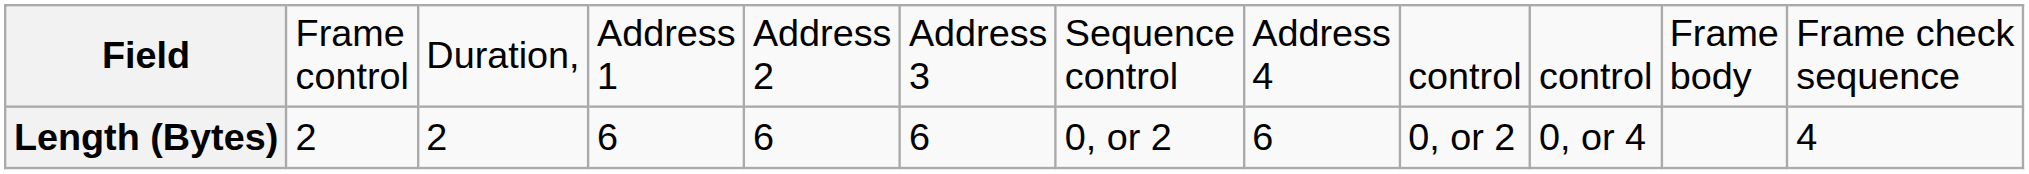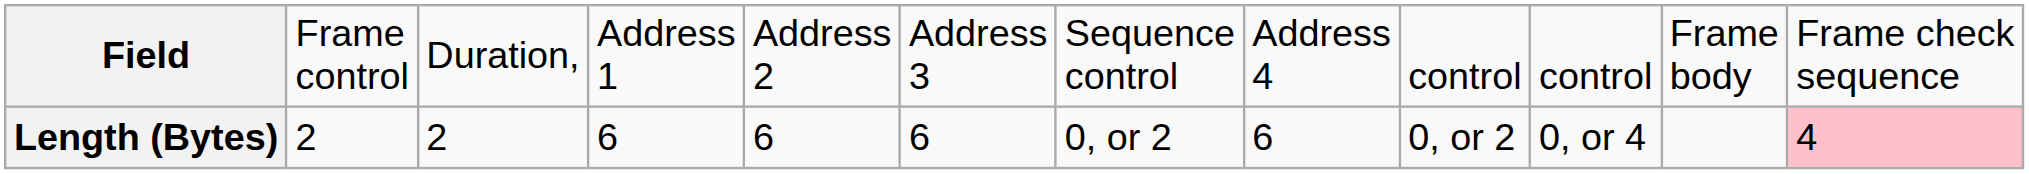 <table class="wikitable">
 <tr>
 <th>Field</th>
 <td>Frame <br>control</td>
 <td>Duration, <br></td>
 <td>Address <br>1</td>
 <td>Address <br>2</td>
 <td>Address <br>3</td>
 <td>Sequence <br>control</td>
 <td>Address <br>4</td>
 <td> <br>control</td>
 <td> <br>control</td>
 <td>Frame <br>body</td>
 <td>Frame check <br>sequence</td>
 </tr>
 <tr>
 <th>Length (Bytes)</th>
 <td>2</td>
 <td>2</td>
 <td>6</td>
 <td>6</td>
 <td>6</td>
 <td>0, or 2</td>
 <td>6</td>
 <td>0, or 2</td>
 <td>0, or 4</td>
 <td></td>
-<td>4</td>
+<td style="background: pink;">4</td>
 </tr>
 </table>
